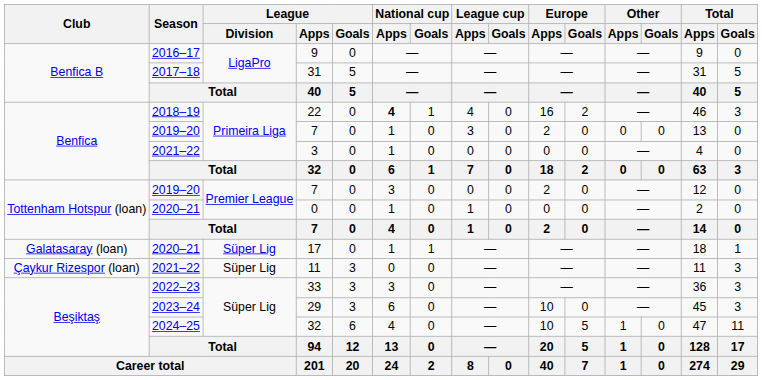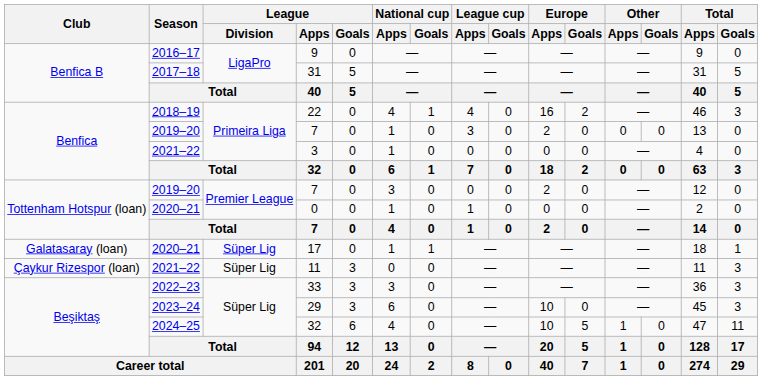 <table class=wikitable style=text-align:center>
 <tr>
 <th rowspan="2">Club</th>
 <th rowspan="2">Season</th>
 <th colspan="3">League</th>
 <th colspan="2">National cup</th>
 <th colspan="2">League cup</th>
 <th colspan="2">Europe</th>
 <th colspan="2">Other</th>
 <th colspan="2">Total</th>
 </tr>
 <tr>
 <th>Division</th>
 <th>Apps</th>
 <th>Goals</th>
 <th>Apps</th>
 <th>Goals</th>
 <th>Apps</th>
 <th>Goals</th>
 <th>Apps</th>
 <th>Goals</th>
 <th>Apps</th>
 <th>Goals</th>
 <th>Apps</th>
 <th>Goals</th>
 </tr>
 <tr>
 <td rowspan="3"><a href='#'>Benfica B</a></td>
 <td><a href='#'>2016–17</a></td>
 <td rowspan="2"><a href='#'>LigaPro</a></td>
 <td>9</td>
 <td>0</td>
 <td colspan="2">—</td>
 <td colspan="2">—</td>
 <td colspan="2">—</td>
 <td colspan="2">—</td>
 <td>9</td>
 <td>0</td>
 </tr>
 <tr>
 <td><a href='#'>2017–18</a></td>
 <td>31</td>
 <td>5</td>
 <td colspan="2">—</td>
 <td colspan="2">—</td>
 <td colspan="2">—</td>
 <td colspan="2">—</td>
 <td>31</td>
 <td>5</td>
 </tr>
 <tr>
 <th colspan="2">Total</th>
 <th>40</th>
 <th>5</th>
 <th colspan="2">—</th>
 <th colspan="2">—</th>
 <th colspan="2">—</th>
 <th colspan="2">—</th>
 <th>40</th>
 <th>5</th>
 </tr>
 <tr>
 <td rowspan="4"><a href='#'>Benfica</a></td>
 <td><a href='#'>2018–19</a></td>
 <td rowspan="3"><a href='#'>Primeira Liga</a></td>
 <td>22</td>
 <td>0</td>
-<td><strong>4</strong></td>
+<td>4</td>
 <td>1</td>
 <td>4</td>
 <td>0</td>
 <td>16</td>
 <td>2</td>
 <td colspan="2">—</td>
 <td>46</td>
 <td>3</td>
 </tr>
 <tr>
 <td><a href='#'>2019–20</a></td>
 <td>7</td>
 <td>0</td>
 <td>1</td>
 <td>0</td>
 <td>3</td>
 <td>0</td>
 <td>2</td>
 <td>0</td>
 <td>0</td>
 <td>0</td>
 <td>13</td>
 <td>0</td>
 </tr>
 <tr>
 <td><a href='#'>2021–22</a></td>
 <td>3</td>
 <td>0</td>
 <td>1</td>
 <td>0</td>
 <td>0</td>
 <td>0</td>
 <td>0</td>
 <td>0</td>
 <td colspan="2">—</td>
 <td>4</td>
 <td>0</td>
 </tr>
 <tr>
 <th colspan="2">Total</th>
 <th>32</th>
 <th>0</th>
 <th>6</th>
 <th>1</th>
 <th>7</th>
 <th>0</th>
 <th>18</th>
 <th>2</th>
 <th>0</th>
 <th>0</th>
 <th>63</th>
 <th>3</th>
 </tr>
 <tr>
 <td rowspan="3"><a href='#'>Tottenham Hotspur</a> (loan)</td>
 <td><a href='#'>2019–20</a></td>
 <td rowspan="2"><a href='#'>Premier League</a></td>
 <td>7</td>
 <td>0</td>
 <td>3</td>
 <td>0</td>
 <td>0</td>
 <td>0</td>
 <td>2</td>
 <td>0</td>
 <td colspan="2">—</td>
 <td>12</td>
 <td>0</td>
 </tr>
 <tr>
 <td><a href='#'>2020–21</a></td>
 <td>0</td>
 <td>0</td>
 <td>1</td>
 <td>0</td>
 <td>1</td>
 <td>0</td>
 <td>0</td>
 <td>0</td>
 <td colspan="2">—</td>
 <td>2</td>
 <td>0</td>
 </tr>
 <tr>
 <th colspan="2">Total</th>
 <th>7</th>
 <th>0</th>
 <th>4</th>
 <th>0</th>
 <th>1</th>
 <th>0</th>
 <th>2</th>
 <th>0</th>
 <th colspan="2">—</th>
 <th>14</th>
 <th>0</th>
 </tr>
 <tr>
 <td><a href='#'>Galatasaray</a> (loan)</td>
 <td><a href='#'>2020–21</a></td>
 <td><a href='#'>Süper Lig</a></td>
 <td>17</td>
 <td>0</td>
 <td>1</td>
 <td>1</td>
 <td colspan="2">—</td>
 <td colspan="2">—</td>
 <td colspan="2">—</td>
 <td>18</td>
 <td>1</td>
 </tr>
 <tr>
 <td><a href='#'>Çaykur Rizespor</a> (loan)</td>
 <td><a href='#'>2021–22</a></td>
 <td>Süper Lig</td>
 <td>11</td>
 <td>3</td>
 <td>0</td>
 <td>0</td>
 <td colspan="2">—</td>
 <td colspan="2">—</td>
 <td colspan="2">—</td>
 <td>11</td>
 <td>3</td>
 </tr>
 <tr>
 <td rowspan="4"><a href='#'>Beşiktaş</a></td>
 <td><a href='#'>2022–23</a></td>
 <td rowspan="3">Süper Lig</td>
 <td>33</td>
 <td>3</td>
 <td>3</td>
 <td>0</td>
 <td colspan="2">—</td>
 <td colspan="2">—</td>
 <td colspan="2">—</td>
 <td>36</td>
 <td>3</td>
 </tr>
 <tr>
 <td><a href='#'>2023–24</a></td>
 <td>29</td>
 <td>3</td>
 <td>6</td>
 <td>0</td>
 <td colspan="2">—</td>
 <td>10</td>
 <td>0</td>
 <td colspan="2">—</td>
 <td>45</td>
 <td>3</td>
 </tr>
 <tr>
 <td><a href='#'>2024–25</a></td>
 <td>32</td>
 <td>6</td>
 <td>4</td>
 <td>0</td>
 <td colspan="2">—</td>
 <td>10</td>
 <td>5</td>
 <td>1</td>
 <td>0</td>
 <td>47</td>
 <td>11</td>
 </tr>
 <tr>
 <th colspan="2">Total</th>
 <th>94</th>
 <th>12</th>
 <th>13</th>
 <th>0</th>
 <th colspan="2">—</th>
 <th>20</th>
 <th>5</th>
 <th>1</th>
 <th>0</th>
 <th>128</th>
 <th>17</th>
 </tr>
 <tr>
 <th colspan="3">Career total</th>
 <th>201</th>
 <th>20</th>
 <th>24</th>
 <th>2</th>
 <th>8</th>
 <th>0</th>
 <th>40</th>
 <th>7</th>
 <th>1</th>
 <th>0</th>
 <th>274</th>
 <th>29</th>
 </tr>
 </table>
